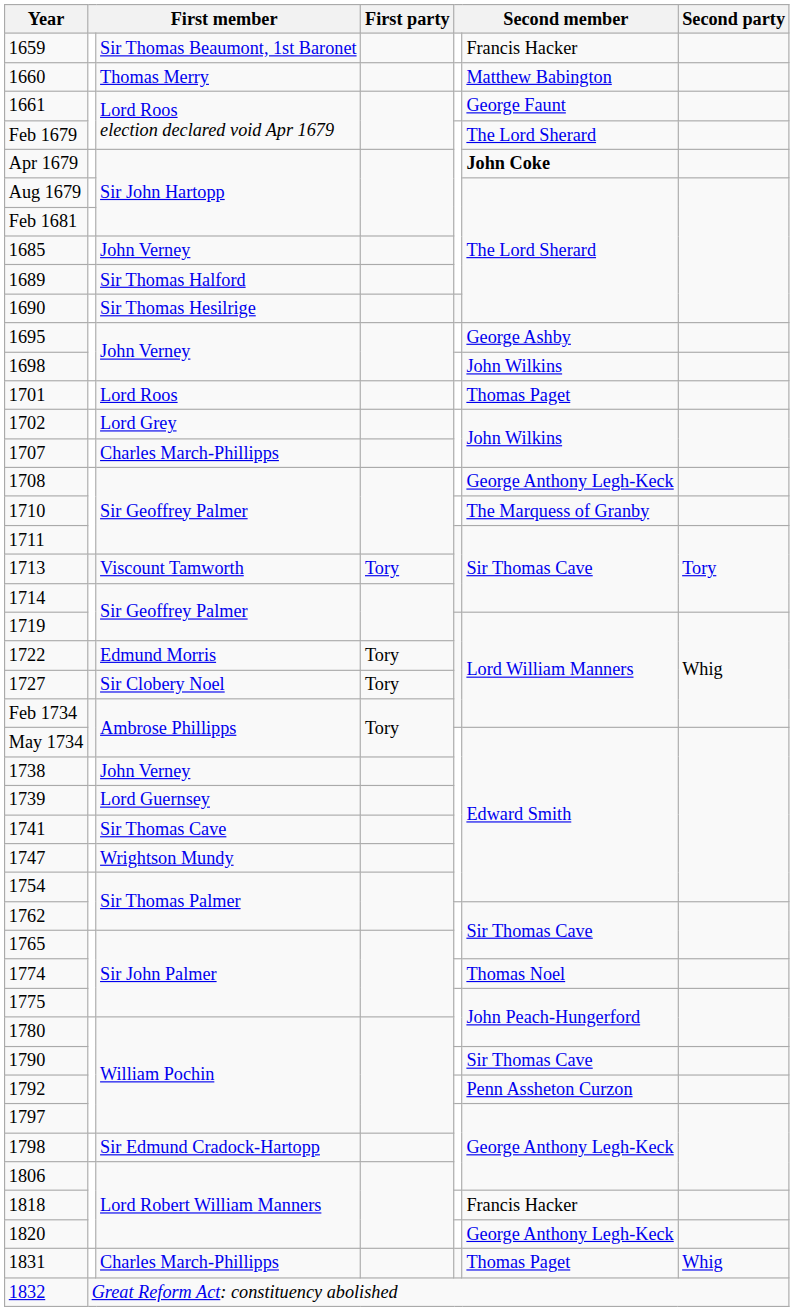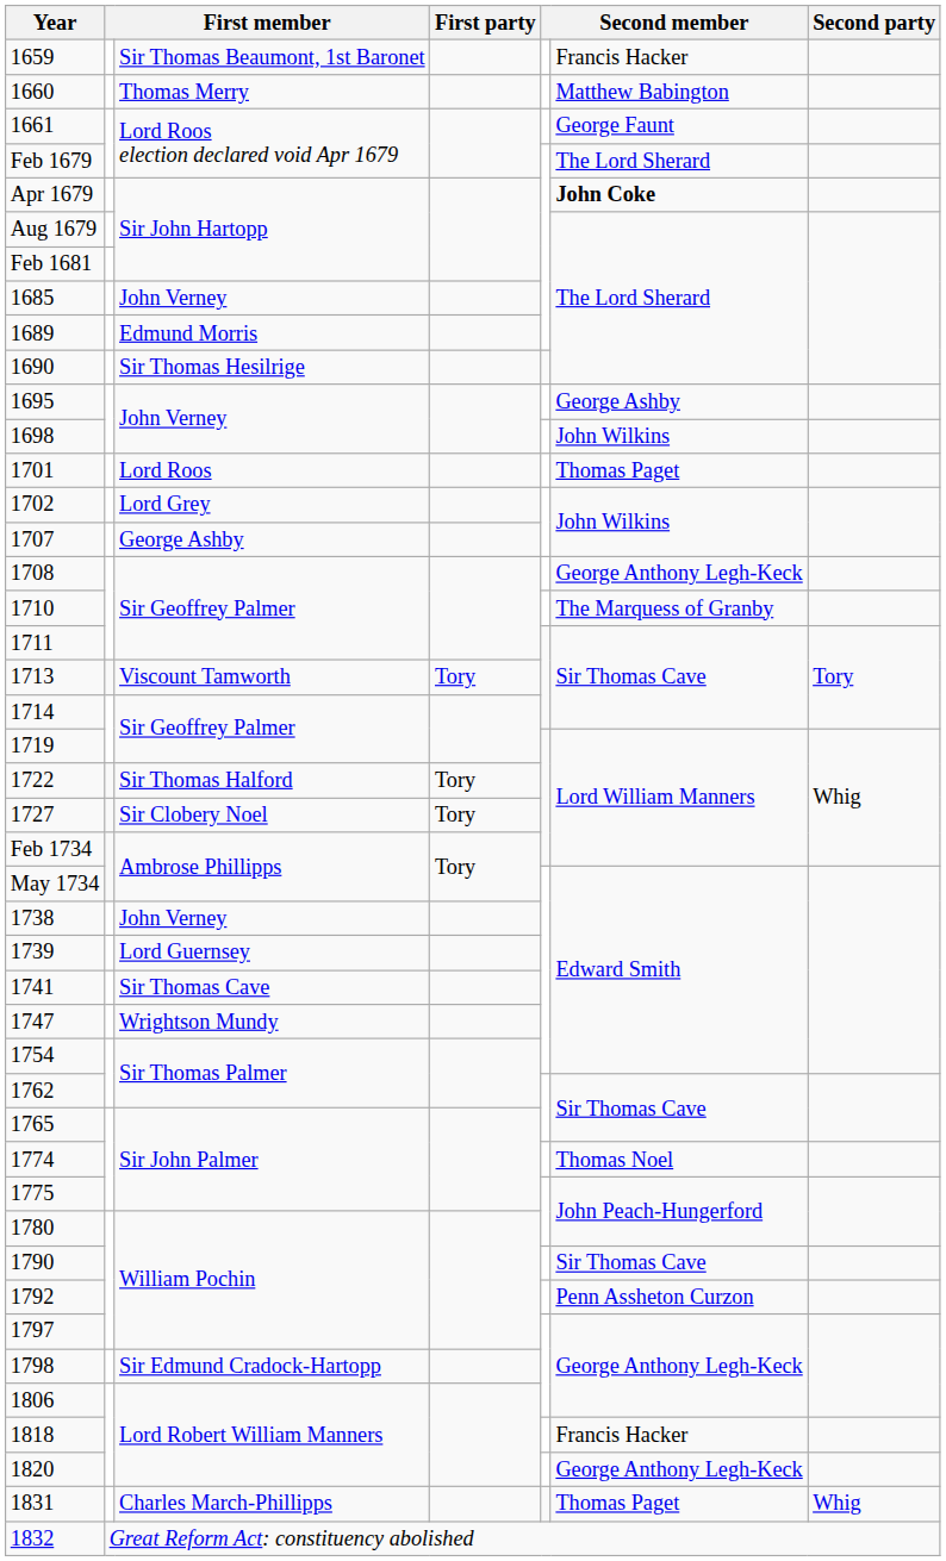 <table class="wikitable">
 <tr>
 <th>Year</th>
 <th colspan="2">First member</th>
 <th>First party</th>
 <th colspan="2">Second member</th>
 <th>Second party</th>
 </tr>
 <tr>
 <td>1659</td>
 <td style="color:inherit;background-color: white"></td>
 <td><a href='#'>Sir Thomas Beaumont, 1st Baronet</a> </td>
 <td></td>
 <td style="color:inherit;background-color: white"></td>
 <td>Francis Hacker  </td>
 <td></td>
 </tr>
 <tr>
 <td>1660</td>
 <td style="color:inherit;background-color: white"></td>
 <td><a href='#'>Thomas Merry</a> </td>
 <td></td>
 <td style="color:inherit;background-color: white"></td>
 <td><a href='#'>Matthew Babington</a> </td>
 <td></td>
 </tr>
 <tr>
 <td>1661</td>
 <td rowspan="2" style="color:inherit;background-color: white"></td>
 <td rowspan="2"><a href='#'>Lord Roos</a> <br> <em>election declared void Apr 1679</em> </td>
 <td rowspan="2"></td>
 <td style="color:inherit;background-color: white"></td>
 <td><a href='#'>George Faunt</a> </td>
 <td></td>
 </tr>
 <tr>
 <td>Feb 1679</td>
 <td rowspan="6" style="color:inherit;background-color: white"></td>
 <td><a href='#'>The Lord Sherard</a> </td>
 <td></td>
 </tr>
 <tr>
 <td>Apr 1679</td>
 <td style="color:inherit;background-color: white"></td>
 <td rowspan = "3"><a href='#'>Sir John Hartopp</a> </td>
 <td rowspan = "3"></td>
 <td><strong>John Coke</strong></td>
 <td></td>
 </tr>
 <tr>
 <td>Aug 1679</td>
 <td style="color:inherit;background-color: white"></td>
 <td rowspan="5"><a href='#'>The Lord Sherard</a> </td>
 <td rowspan="5"></td>
 </tr>
 <tr>
 <td>Feb 1681</td>
 <td style="color:inherit;background-color: white"></td>
 </tr>
 <tr>
 <td>1685</td>
 <td style="color:inherit;background-color: white"></td>
 <td><a href='#'>John Verney</a> </td>
 <td></td>
 </tr>
 <tr>
 <td>1689</td>
 <td style="color:inherit;background-color: white"></td>
-<td><a href='#'>Sir Thomas Halford</a> </td>
+<td><a href='#'>Edmund Morris</a> </td>
 <td></td>
 </tr>
 <tr>
 <td>1690</td>
 <td style="color:inherit;background-color: white"></td>
 <td><a href='#'>Sir Thomas Hesilrige</a> </td>
 <td></td>
 </tr>
 <tr>
 <td>1695</td>
 <td rowspan="2" style="color:inherit;background-color: white"></td>
 <td rowspan="2"><a href='#'>John Verney</a> </td>
 <td rowspan="2"></td>
 <td style="color:inherit;background-color: white"></td>
 <td><a href='#'>George Ashby</a> </td>
 <td></td>
 </tr>
 <tr>
 <td>1698</td>
 <td style="color:inherit;background-color: white"></td>
 <td><a href='#'>John Wilkins</a> </td>
 <td></td>
 </tr>
 <tr>
 <td>1701</td>
 <td style="color:inherit;background-color: white"></td>
 <td><a href='#'>Lord Roos</a> </td>
 <td></td>
 <td style="color:inherit;background-color: white"></td>
 <td><a href='#'>Thomas Paget</a> </td>
 <td></td>
 </tr>
 <tr>
 <td>1702</td>
 <td style="color:inherit;background-color: white"></td>
 <td><a href='#'>Lord Grey</a> </td>
 <td></td>
 <td rowspan="2" style="color:inherit;background-color: white"></td>
 <td rowspan="2"><a href='#'>John Wilkins</a> </td>
 <td rowspan="2"></td>
 </tr>
 <tr>
 <td>1707</td>
 <td style="color:inherit;background-color: white"></td>
-<td><a href='#'>Charles March-Phillipps</a> </td>
+<td><a href='#'>George Ashby</a> </td>
 <td></td>
 </tr>
 <tr>
 <td>1708</td>
 <td rowspan="3" style="color:inherit;background-color: white"></td>
 <td rowspan="3"><a href='#'>Sir Geoffrey Palmer</a></td>
 <td rowspan="3"></td>
 <td style="color:inherit;background-color: white"></td>
 <td><a href='#'>George Anthony Legh-Keck</a> </td>
 <td></td>
 </tr>
 <tr>
 <td>1710</td>
 <td style="color:inherit;background-color: white"></td>
 <td><a href='#'>The Marquess of Granby</a> </td>
 <td></td>
 </tr>
 <tr>
 <td>1711</td>
 <td rowspan="3" style="color:inherit;background-color: "></td>
 <td rowspan="3"><a href='#'>Sir Thomas Cave</a> </td>
 <td rowspan="3"><a href='#'>Tory</a></td>
 </tr>
 <tr>
 <td>1713</td>
 <td style="color:inherit;background-color: "></td>
 <td><a href='#'>Viscount Tamworth</a> </td>
 <td><a href='#'>Tory</a></td>
 </tr>
 <tr>
 <td>1714</td>
 <td rowspan="2" style="color:inherit;background-color: white"></td>
 <td rowspan="2"><a href='#'>Sir Geoffrey Palmer</a> </td>
 <td rowspan="2"></td>
 </tr>
 <tr>
 <td>1719</td>
 <td rowspan="4" style="color:inherit;background-color: "></td>
 <td rowspan="4"><a href='#'>Lord William Manners</a> </td>
 <td rowspan="4">Whig</td>
 </tr>
 <tr>
 <td>1722</td>
 <td style="color:inherit;background-color: "></td>
-<td><a href='#'>Edmund Morris</a> </td>
+<td><a href='#'>Sir Thomas Halford</a> </td>
 <td>Tory</td>
 </tr>
 <tr>
 <td>1727</td>
 <td style="color:inherit;background-color: "></td>
 <td><a href='#'>Sir Clobery Noel</a> </td>
 <td>Tory</td>
 </tr>
 <tr>
 <td>Feb 1734</td>
 <td rowspan="2" style="color:inherit;background-color: "></td>
 <td rowspan="2"><a href='#'>Ambrose Phillipps</a> </td>
 <td rowspan="2">Tory</td>
 </tr>
 <tr>
 <td>May 1734</td>
 <td rowspan="6" style="color:inherit;background-color: white"></td>
 <td rowspan="6"><a href='#'>Edward Smith</a> </td>
 <td rowspan="6"></td>
 </tr>
 <tr>
 <td>1738</td>
 <td style="color:inherit;background-color: white"></td>
 <td><a href='#'>John Verney</a> </td>
 <td></td>
 </tr>
 <tr>
 <td>1739</td>
 <td style="color:inherit;background-color: white"></td>
 <td><a href='#'>Lord Guernsey</a> </td>
 <td></td>
 </tr>
 <tr>
 <td>1741</td>
 <td style="color:inherit;background-color: white"></td>
 <td><a href='#'>Sir Thomas Cave</a> </td>
 <td></td>
 </tr>
 <tr>
 <td>1747</td>
 <td style="color:inherit;background-color: white"></td>
 <td><a href='#'>Wrightson Mundy</a> </td>
 <td></td>
 </tr>
 <tr>
 <td>1754</td>
 <td rowspan="2" style="color:inherit;background-color: white"></td>
 <td rowspan="2"><a href='#'>Sir Thomas Palmer</a> </td>
 <td rowspan="2"></td>
 </tr>
 <tr>
 <td>1762</td>
 <td rowspan="2" style="color:inherit;background-color: white"></td>
 <td rowspan="2"><a href='#'>Sir Thomas Cave</a> </td>
 <td rowspan="2"></td>
 </tr>
 <tr>
 <td>1765</td>
 <td rowspan="3" style="color:inherit;background-color: white"></td>
 <td rowspan="3"><a href='#'>Sir John Palmer</a> </td>
 <td rowspan="3"></td>
 </tr>
 <tr>
 <td>1774</td>
 <td style="color:inherit;background-color: white"></td>
 <td><a href='#'>Thomas Noel</a> </td>
 <td></td>
 </tr>
 <tr>
 <td>1775</td>
 <td rowspan="2" style="color:inherit;background-color: white"></td>
 <td rowspan="2"><a href='#'>John Peach-Hungerford</a> </td>
 <td rowspan="2"></td>
 </tr>
 <tr>
 <td>1780</td>
 <td rowspan="4" style="color:inherit;background-color: white"></td>
 <td rowspan="4"><a href='#'>William Pochin</a> </td>
 <td rowspan="4"></td>
 </tr>
 <tr>
 <td>1790</td>
 <td style="color:inherit;background-color: white"></td>
 <td><a href='#'>Sir Thomas Cave</a> </td>
 <td></td>
 </tr>
 <tr>
 <td>1792</td>
 <td style="color:inherit;background-color: white"></td>
 <td><a href='#'>Penn Assheton Curzon</a> </td>
 <td></td>
 </tr>
 <tr>
 <td>1797</td>
 <td rowspan="3" style="color:inherit;background-color: white"></td>
 <td rowspan="3"><a href='#'>George Anthony Legh-Keck</a> </td>
 <td rowspan="3"></td>
 </tr>
 <tr>
 <td>1798</td>
 <td style="color:inherit;background-color: white"></td>
 <td><a href='#'>Sir Edmund Cradock-Hartopp</a> </td>
 <td></td>
 </tr>
 <tr>
 <td>1806</td>
 <td rowspan="3" style="color:inherit;background-color: white"></td>
 <td rowspan="3"><a href='#'>Lord Robert William Manners</a> </td>
 <td rowspan="3"></td>
 </tr>
 <tr>
 <td>1818</td>
 <td style="color:inherit;background-color: white"></td>
 <td>Francis Hacker  </td>
 <td></td>
 </tr>
 <tr>
 <td>1820</td>
 <td style="color:inherit;background-color: white"></td>
 <td><a href='#'>George Anthony Legh-Keck</a> </td>
 <td></td>
 </tr>
 <tr>
 <td>1831</td>
 <td style="color:inherit;background-color: white"></td>
 <td><a href='#'>Charles March-Phillipps</a> </td>
 <td></td>
 <td style="color:inherit;background-color: "></td>
 <td><a href='#'>Thomas Paget</a> </td>
 <td><a href='#'>Whig</a></td>
 </tr>
 <tr>
 <td><a href='#'>1832</a></td>
 <td colspan="6"><em><a href='#'>Great Reform Act</a>: constituency abolished</em></td>
 </tr>
 </table>
